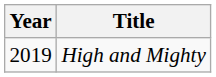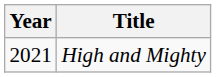 <table class="wikitable">
 <tr>
 <th style="text-align:center;">Year</th>
 <th style="text-align:center;">Title</th>
 </tr>
 <tr>
-<td style="text-align:center;">2019</td>
+<td style="text-align:center;">2021</td>
 <td><em>High and Mighty</em></td>
 </tr>
 </table>
